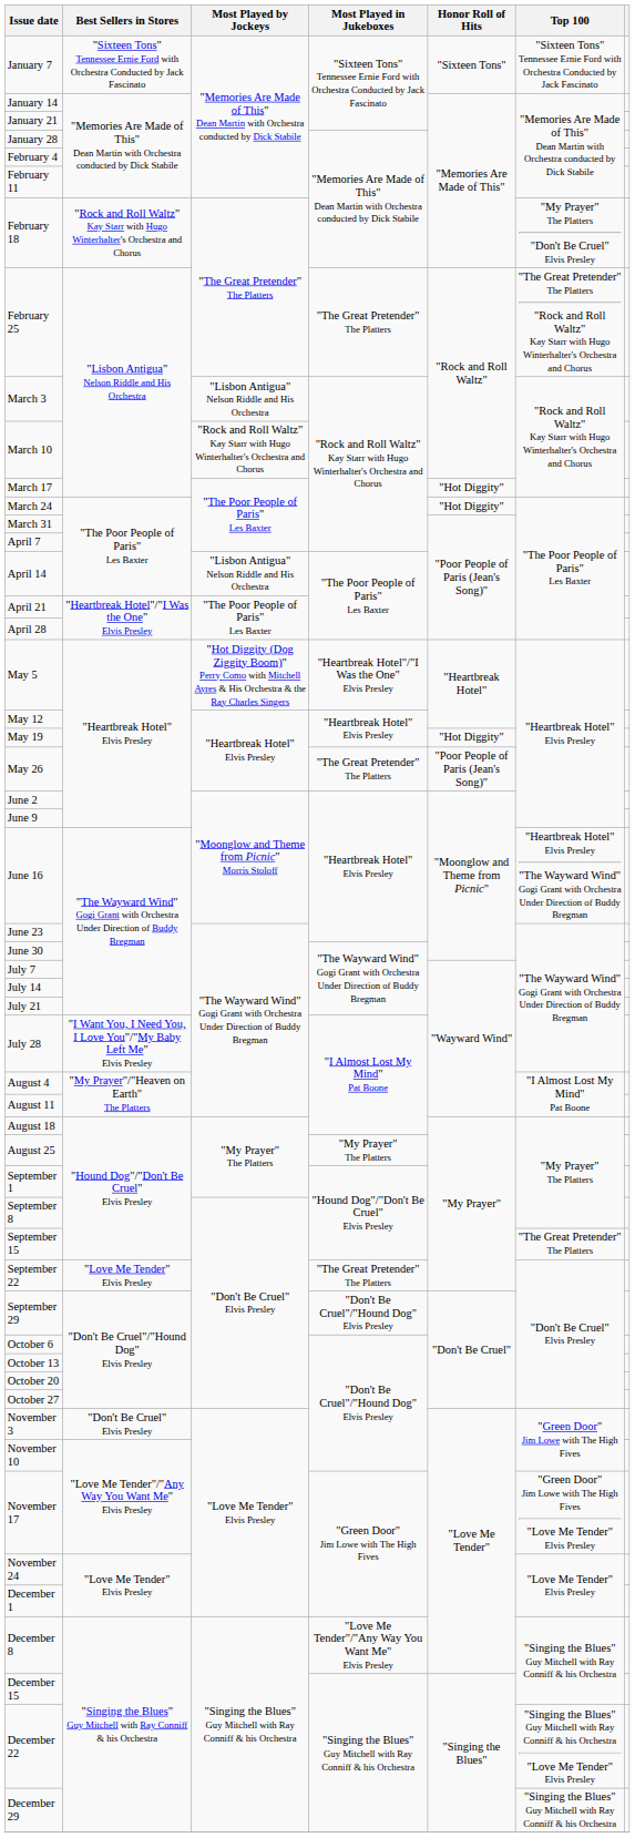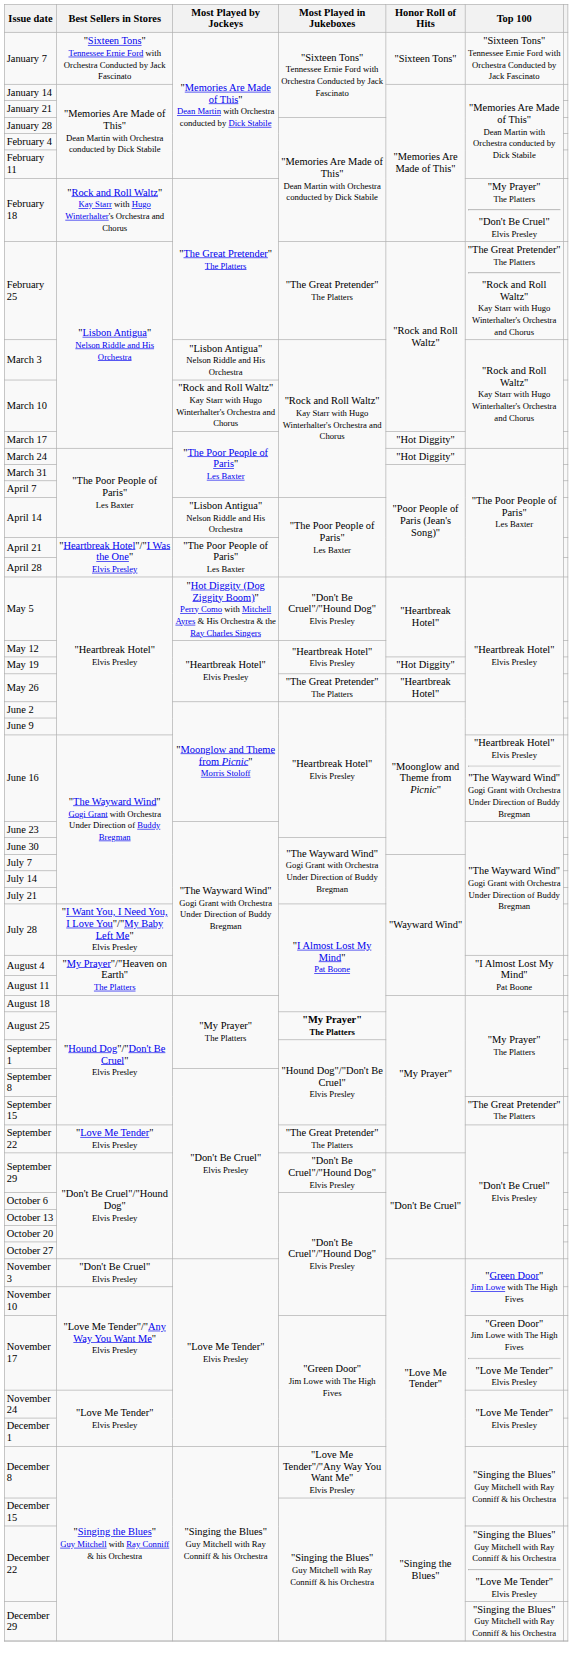 <table class="wikitable">
 <tr>
 <th>Issue date</th>
 <th>Best Sellers in Stores</th>
 <th>Most Played by Jockeys</th>
 <th>Most Played in Jukeboxes</th>
 <th>Honor Roll of Hits</th>
 <th>Top 100</th>
 <th></th>
 </tr>
 <tr>
 <td>January 7</td>
 <td style="text-align: center;">"<a href='#'>Sixteen Tons</a>"<br><small><a href='#'>Tennessee Ernie Ford</a> with Orchestra Conducted by Jack Fascinato</small></td>
 <td rowspan=6 style="text-align: center;">"<a href='#'>Memories Are Made of This</a>"<br><small><a href='#'>Dean Martin</a> with Orchestra conducted by <a href='#'>Dick Stabile</a></small></td>
 <td rowspan=3 style="text-align: center;">"Sixteen Tons"<br><small>Tennessee Ernie Ford with Orchestra Conducted by Jack Fascinato</small></td>
 <td style="text-align: center;">"Sixteen Tons"</td>
 <td style="text-align: center;">"Sixteen Tons"<br> <small>Tennessee Ernie Ford with Orchestra Conducted by Jack Fascinato</small></td>
 <td style="text-align: center;"></td>
 </tr>
 <tr>
 <td>January 14</td>
 <td rowspan=5 style="text-align: center;">"Memories Are Made of This"<br><small>Dean Martin with Orchestra conducted by Dick Stabile</small></td>
 <td rowspan=6 style="text-align: center;">"Memories Are Made of This"</td>
 <td rowspan=5 style="text-align: center;">"Memories Are Made of This"<br><small>Dean Martin with Orchestra conducted by Dick Stabile</small></td>
 <td style="text-align: center;"></td>
 </tr>
 <tr>
 <td>January 21</td>
 <td style="text-align: center;"></td>
 </tr>
 <tr>
 <td>January 28</td>
 <td rowspan=4 style="text-align: center;">"Memories Are Made of This"<br><small>Dean Martin with Orchestra conducted by Dick Stabile</small></td>
 <td style="text-align: center;"></td>
 </tr>
 <tr>
 <td>February 4</td>
 <td style="text-align: center;"></td>
 </tr>
 <tr>
 <td>February 11</td>
 <td style="text-align: center;"></td>
 </tr>
 <tr>
 <td>February 18</td>
 <td style="text-align: center;">"<a href='#'>Rock and Roll Waltz</a>"<br><small><a href='#'>Kay Starr</a> with <a href='#'>Hugo Winterhalter</a>'s Orchestra and Chorus</small></td>
 <td rowspan=2 style="text-align: center;">"<a href='#'>The Great Pretender</a>"<br><small><a href='#'>The Platters</a></small></td>
 <td style="text-align: center;">"My Prayer"<br><small>The Platters</small><hr>"Don't Be Cruel"<br><small>Elvis Presley</small></td>
 <td style="text-align: center;"></td>
 </tr>
 <tr>
 <td>February 25</td>
 <td rowspan=4 style="text-align: center;">"<a href='#'>Lisbon Antigua</a>"<br><small><a href='#'>Nelson Riddle and His Orchestra</a></small></td>
 <td style="text-align: center;">"The Great Pretender"<br><small>The Platters</small></td>
 <td rowspan=3 style="text-align: center;">"Rock and Roll Waltz"</td>
 <td style="text-align: center;">"The Great Pretender"<br><small>The Platters</small><hr>"Rock and Roll Waltz"<br><small>Kay Starr with Hugo Winterhalter's Orchestra and Chorus</small></td>
 <td style="text-align: center;"></td>
 </tr>
 <tr>
 <td>March 3</td>
 <td style="text-align: center;">"Lisbon Antigua"<br><small>Nelson Riddle and His Orchestra</small></td>
 <td rowspan=6 style="text-align: center;">"Rock and Roll Waltz"<br><small>Kay Starr with Hugo Winterhalter's Orchestra and Chorus</small></td>
 <td rowspan=3 style="text-align: center;">"Rock and Roll Waltz"<br><small>Kay Starr with Hugo Winterhalter's Orchestra and Chorus</small></td>
 <td style="text-align: center;"></td>
 </tr>
 <tr>
 <td>March 10</td>
 <td style="text-align: center;">"Rock and Roll Waltz"<br><small>Kay Starr with Hugo Winterhalter's Orchestra and Chorus</small></td>
 <td style="text-align: center;"></td>
 </tr>
 <tr>
 <td>March 17</td>
 <td rowspan=4 style="text-align: center;">"<a href='#'>The Poor People of Paris</a>"<br><small><a href='#'>Les Baxter</a></small></td>
 <td style="text-align: center;">"Hot Diggity"</td>
 <td style="text-align: center;"></td>
 </tr>
 <tr>
 <td>March 24</td>
 <td rowspan=4 style="text-align: center;">"The Poor People of Paris"<br><small>Les Baxter</small></td>
 <td style="text-align: center;">"Hot Diggity"</td>
 <td rowspan=6 style="text-align: center;">"The Poor People of Paris"<br><small>Les Baxter</small></td>
 <td style="text-align: center;"></td>
 </tr>
 <tr>
 <td>March 31</td>
 <td rowspan=5 style="text-align: center;">"Poor People of Paris (Jean's Song)"</td>
 <td style="text-align: center;"></td>
 </tr>
 <tr>
 <td>April 7</td>
 <td style="text-align: center;"></td>
 </tr>
 <tr>
 <td>April 14</td>
 <td style="text-align: center;">"Lisbon Antigua"<br><small>Nelson Riddle and His Orchestra</small></td>
 <td rowspan=3 style="text-align: center;">"The Poor People of Paris"<br><small>Les Baxter</small></td>
 <td style="text-align: center;"></td>
 </tr>
 <tr>
 <td>April 21</td>
 <td rowspan=2 style="text-align: center;">"<a href='#'>Heartbreak Hotel</a>"/"<a href='#'>I Was the One</a>"<br><small><a href='#'>Elvis Presley</a></small></td>
 <td rowspan=2 style="text-align: center;">"The Poor People of Paris"<br><small>Les Baxter</small></td>
 <td style="text-align: center;"></td>
 </tr>
 <tr>
 <td>April 28</td>
 <td style="text-align: center;"></td>
 </tr>
 <tr>
 <td>May 5</td>
 <td rowspan= 6 style="text-align: center;">"Heartbreak Hotel"<br><small>Elvis Presley</small></td>
 <td style="text-align: center;">"<a href='#'>Hot Diggity (Dog Ziggity Boom)</a>"<br><small><a href='#'>Perry Como</a> with <a href='#'>Mitchell Ayres</a> & His Orchestra & the <a href='#'>Ray Charles Singers</a></small></td>
-<td style="text-align: center;">"Heartbreak Hotel"/"I Was the One"<br><small>Elvis Presley</small></td>
+<td style="text-align: center;">"Don't Be Cruel"/"Hound Dog"<br><small>Elvis Presley</small></td>
 <td rowspan=2 style="text-align: center;">"Heartbreak Hotel"</td>
 <td rowspan=6 style="text-align: center;">"Heartbreak Hotel"<br><small>Elvis Presley</small></td>
 <td style="text-align: center;"></td>
 </tr>
 <tr>
 <td>May 12</td>
 <td rowspan=3 style="text-align: center;">"Heartbreak Hotel"<br><small>Elvis Presley</small></td>
 <td rowspan=2 style="text-align: center;">"Heartbreak Hotel"<br><small>Elvis Presley</small></td>
 <td style="text-align: center;"></td>
 </tr>
 <tr>
 <td>May 19</td>
 <td style="text-align: center;">"Hot Diggity"</td>
 <td style="text-align: center;"></td>
 </tr>
 <tr>
 <td>May 26</td>
 <td style="text-align: center;">"The Great Pretender"<br><small>The Platters</small></td>
-<td style="text-align: center;">"Poor People of Paris (Jean's Song)"</td>
+<td style="text-align: center;">"Heartbreak Hotel"</td>
 <td style="text-align: center;"></td>
 </tr>
 <tr>
 <td>June 2</td>
 <td rowspan=3 style="text-align: center;">"<a href='#'>Moonglow and Theme from <em>Picnic</em></a>"<br><small><a href='#'>Morris Stoloff</a></small></td>
 <td rowspan=4 style="text-align: center;">"Heartbreak Hotel"<br><small>Elvis Presley</small></td>
 <td rowspan=5 style="text-align: center;">"Moonglow and Theme from <em>Picnic</em>"</td>
 <td style="text-align: center;"></td>
 </tr>
 <tr>
 <td>June 9</td>
 <td style="text-align: center;"></td>
 </tr>
 <tr>
 <td>June 16</td>
 <td rowspan=6 style="text-align: center;">"<a href='#'>The Wayward Wind</a>"<br><small><a href='#'>Gogi Grant</a> with Orchestra Under Direction of <a href='#'>Buddy Bregman</a></small></td>
 <td style="text-align: center;">"Heartbreak Hotel"<br><small>Elvis Presley</small><hr>"The Wayward Wind"<br><small>Gogi Grant with Orchestra Under Direction of Buddy Bregman</small></td>
 <td style="text-align: center;"></td>
 </tr>
 <tr>
 <td>June 23</td>
 <td rowspan=8 style="text-align: center;">"The Wayward Wind"<br><small>Gogi Grant with Orchestra Under Direction of Buddy Bregman</small></td>
 <td rowspan=6 style="text-align: center;">"The Wayward Wind"<br><small>Gogi Grant with Orchestra Under Direction of Buddy Bregman</small></td>
 <td style="text-align: center;"></td>
 </tr>
 <tr>
 <td>June 30</td>
 <td rowspan=4 style="text-align: center;">"The Wayward Wind"<br><small>Gogi Grant with Orchestra Under Direction of Buddy Bregman</small></td>
 <td style="text-align: center;"></td>
 </tr>
 <tr>
 <td>July 7</td>
 <td rowspan=6 style="text-align: center;">"Wayward Wind"</td>
 <td style="text-align: center;"></td>
 </tr>
 <tr>
 <td>July 14</td>
 <td style="text-align: center;"></td>
 </tr>
 <tr>
 <td>July 21</td>
 <td style="text-align: center;"></td>
 </tr>
 <tr>
 <td>July 28</td>
 <td style="text-align: center;">"<a href='#'>I Want You, I Need You, I Love You</a>"/"<a href='#'>My Baby Left Me</a>"<br><small>Elvis Presley</small></td>
 <td rowspan=4 style="text-align: center;">"<a href='#'>I Almost Lost My Mind</a>"<br><small><a href='#'>Pat Boone</a></small></td>
 <td style="text-align: center;"></td>
 </tr>
 <tr>
 <td>August 4</td>
 <td rowspan=2 style="text-align: center;">"<a href='#'>My Prayer</a>"/"Heaven on Earth"<br><small><a href='#'>The Platters</a></small></td>
 <td rowspan=2 style="text-align: center;">"I Almost Lost My Mind"<br><small>Pat Boone</small></td>
 <td style="text-align: center;"></td>
 </tr>
 <tr>
 <td>August 11</td>
 <td style="text-align: center;"></td>
 </tr>
 <tr>
 <td>August 18</td>
 <td rowspan=5 style="text-align: center;">"<a href='#'>Hound Dog</a>"/"<a href='#'>Don't Be Cruel</a>"<br><small>Elvis Presley</small></td>
 <td rowspan=3 style="text-align: center;">"My Prayer"<br><small>The Platters</small></td>
 <td rowspan=6 style="text-align: center;">"My Prayer"</td>
 <td rowspan=4 style="text-align: center;">"My Prayer"<br><small>The Platters</small></td>
 <td style="text-align: center;"></td>
 </tr>
 <tr>
 <td>August 25</td>
-<td style="text-align: center;">"My Prayer"<br><small>The Platters</small></td>
+<td style="text-align: center;"><strong>"My Prayer"<br><small>The Platters</small></strong></td>
 <td style="text-align: center;"></td>
 </tr>
 <tr>
 <td>September 1</td>
 <td rowspan=3 style="text-align: center;">"Hound Dog"/"Don't Be Cruel"<br><small>Elvis Presley</small></td>
 <td style="text-align: center;"></td>
 </tr>
 <tr>
 <td>September 8</td>
 <td rowspan=8 style="text-align: center;">"Don't Be Cruel"<br><small>Elvis Presley</small></td>
 <td style="text-align: center;"></td>
 </tr>
 <tr>
 <td>September 15</td>
 <td style="text-align: center;">"The Great Pretender"<br><small>The Platters</small></td>
 <td style="text-align: center;"></td>
 </tr>
 <tr>
 <td>September 22</td>
 <td style="text-align: center;">"<a href='#'>Love Me Tender</a>"<br><small>Elvis Presley</small></td>
 <td style="text-align: center;">"The Great Pretender"<br><small>The Platters</small></td>
 <td rowspan=6 style="text-align: center;">"Don't Be Cruel"<br><small>Elvis Presley</small></td>
 <td style="text-align: center;"></td>
 </tr>
 <tr>
 <td>September 29</td>
 <td rowspan=5 style="text-align: center;">"Don't Be Cruel"/"Hound Dog"<br><small>Elvis Presley</small></td>
 <td style="text-align: center;">"Don't Be Cruel"/"Hound Dog"<br><small>Elvis Presley</small></td>
 <td rowspan=5 style="text-align: center;">"Don't Be Cruel"</td>
 <td style="text-align: center;"></td>
 </tr>
 <tr>
 <td>October 6</td>
 <td rowspan=6 style="text-align: center;">"Don't Be Cruel"/"Hound Dog"<br><small>Elvis Presley</small></td>
 <td style="text-align: center;"></td>
 </tr>
 <tr>
 <td>October 13</td>
 <td style="text-align: center;"></td>
 </tr>
 <tr>
 <td>October 20</td>
 <td style="text-align: center;"></td>
 </tr>
 <tr>
 <td>October 27</td>
 <td style="text-align: center;"></td>
 </tr>
 <tr>
 <td>November 3</td>
 <td style="text-align: center;">"Don't Be Cruel"<br><small>Elvis Presley</small></td>
 <td rowspan=5 style="text-align: center;">"Love Me Tender"<br><small>Elvis Presley</small></td>
 <td rowspan=6 style="text-align: center;">"Love Me Tender"</td>
 <td rowspan=2 style="text-align: center;">"<a href='#'>Green Door</a>"<br><small><a href='#'>Jim Lowe</a> with The High Fives</small></td>
 <td style="text-align: center;"></td>
 </tr>
 <tr>
 <td>November 10</td>
 <td rowspan=2 style="text-align: center;">"Love Me Tender"/"<a href='#'>Any Way You Want Me</a>"<br><small>Elvis Presley</small></td>
 <td style="text-align: center;"></td>
 </tr>
 <tr>
 <td>November 17</td>
 <td rowspan=3 style="text-align: center;">"Green Door"<br><small>Jim Lowe with The High Fives</small></td>
 <td style="text-align: center;">"Green Door"<br><small>Jim Lowe with The High Fives</small><hr>"Love Me Tender"<br><small>Elvis Presley</small></td>
 <td style="text-align: center;"></td>
 </tr>
 <tr>
 <td>November 24</td>
 <td rowspan=2 style="text-align: center;">"Love Me Tender"<br><small>Elvis Presley</small></td>
 <td rowspan=2 style="text-align: center;">"Love Me Tender"<br><small>Elvis Presley</small></td>
 <td style="text-align: center;"></td>
 </tr>
 <tr>
 <td>December 1</td>
 <td style="text-align: center;"></td>
 </tr>
 <tr>
 <td>December 8</td>
 <td rowspan=4 style="text-align: center;">"<a href='#'>Singing the Blues</a>"<br><small><a href='#'>Guy Mitchell</a> with <a href='#'>Ray Conniff</a> & his Orchestra</small></td>
 <td rowspan=4 style="text-align: center;">"Singing the Blues"<br><small>Guy Mitchell with Ray Conniff & his Orchestra</small></td>
 <td style="text-align: center;">"Love Me Tender"/"Any Way You Want Me"<br><small>Elvis Presley</small></td>
 <td rowspan=2 style="text-align: center;">"Singing the Blues"<br><small>Guy Mitchell with Ray Conniff & his Orchestra</small></td>
 <td style="text-align: center;"></td>
 </tr>
 <tr>
 <td>December 15</td>
 <td rowspan=3 style="text-align: center;">"Singing the Blues"<br><small>Guy Mitchell with Ray Conniff & his Orchestra</small></td>
 <td rowspan=3 style="text-align: center;">"Singing the Blues"</td>
 <td style="text-align: center;"></td>
 </tr>
 <tr>
 <td>December 22</td>
 <td style="text-align: center;">"Singing the Blues"<br><small>Guy Mitchell with Ray Conniff & his Orchestra</small><hr>"Love Me Tender"<br><small>Elvis Presley</small></td>
 <td style="text-align: center;"></td>
 </tr>
 <tr>
 <td>December 29</td>
 <td style="text-align: center;">"Singing the Blues"<br><small>Guy Mitchell with Ray Conniff & his Orchestra</small></td>
 <td style="text-align: center;"></td>
 </tr>
 <tr>
 </tr>
 </table>
